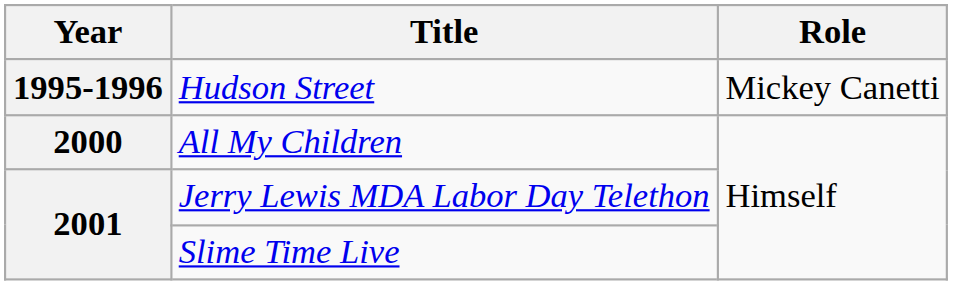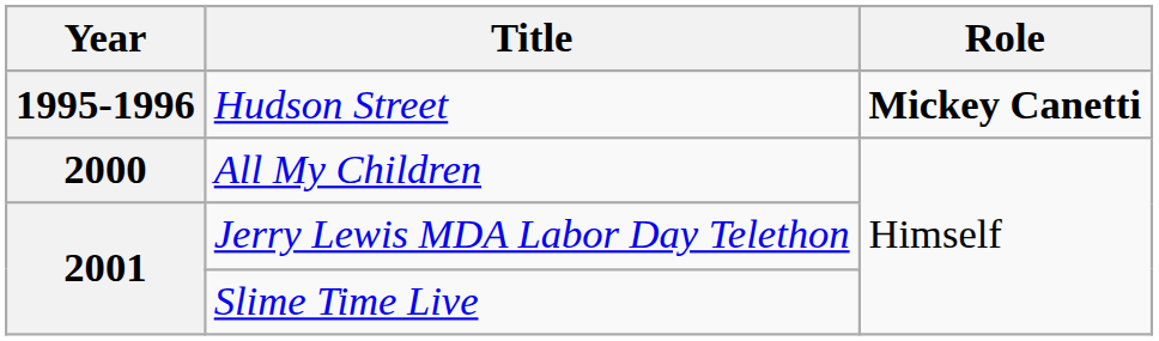 <table class="wikitable plainrowheaders sortable">
 <tr>
 <th scope="col">Year</th>
 <th scope="col">Title</th>
 <th scope="col">Role</th>
 </tr>
 <tr>
 <th scope="row">1995-1996</th>
 <td><em><a href='#'>Hudson Street</a></em></td>
-<td>Mickey Canetti</td>
+<td><strong>Mickey Canetti</strong></td>
 </tr>
 <tr>
 <th scope="row">2000</th>
 <td><em><a href='#'>All My Children</a></em></td>
 <td rowspan="3">Himself</td>
 </tr>
 <tr>
 <th rowspan="2" scope="row">2001</th>
 <td><em><a href='#'>Jerry Lewis MDA Labor Day Telethon</a></em></td>
 </tr>
 <tr>
 <td><em><a href='#'>Slime Time Live</a></em></td>
 </tr>
 </table>
